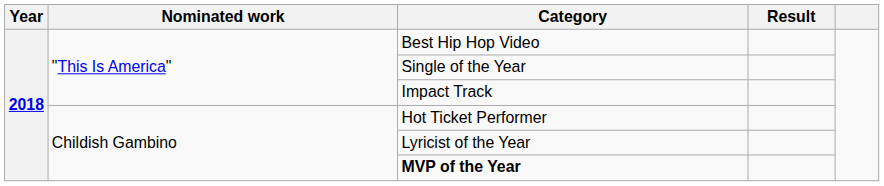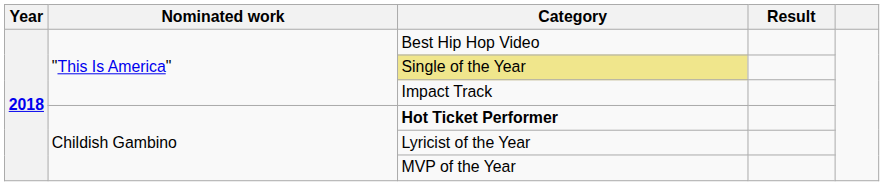 <table class="wikitable plainrowheaders" style="width:100%;">
 <tr>
 <th scope="col" style="width:5%;">Year</th>
 <th scope="col" style="width:40%;">Nominated work</th>
 <th scope="col" style="width:40%;">Category</th>
 <th scope="col" style="width:10%;">Result</th>
 <th scope="col" style="width:5%;"></th>
 </tr>
 <tr>
 <th scope="row" style="text-align:center;" rowspan="6"><a href='#'>2018</a></th>
 <td rowspan="3">"<a href='#'>This Is America</a>"</td>
 <td>Best Hip Hop Video</td>
 <td></td>
 <td style="text-align:center;" rowspan="6"></td>
 </tr>
 <tr>
-<td>Single of the Year</td>
+<td style="background: khaki;">Single of the Year</td>
 <td></td>
 </tr>
 <tr>
 <td>Impact Track</td>
 <td></td>
 </tr>
 <tr>
 <td rowspan="3">Childish Gambino</td>
-<td>Hot Ticket Performer</td>
+<td><strong>Hot Ticket Performer</strong></td>
 <td></td>
 </tr>
 <tr>
 <td>Lyricist of the Year</td>
 <td></td>
 </tr>
 <tr>
-<td><strong>MVP of the Year</strong></td>
+<td>MVP of the Year</td>
 <td></td>
 </tr>
 </table>
